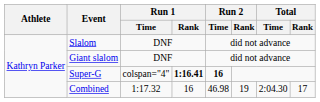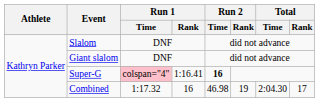 <table class="wikitable" style="font-size:90%">
 <tr>
 <th rowspan=2>Athlete</th>
 <th rowspan=2>Event</th>
 <th colspan=2>Run 1</th>
 <th colspan=2>Run 2</th>
 <th colspan=2>Total</th>
 </tr>
 <tr style="font-size:95%">
 <th>Time</th>
 <th>Rank</th>
 <th>Time</th>
 <th>Rank</th>
 <th>Time</th>
 <th>Rank</th>
 </tr>
 <tr align=center>
 <td align="left" rowspan="4"><a href='#'>Kathryn Parker</a></td>
 <td align="left"><a href='#'>Slalom</a></td>
 <td colspan=2>DNF</td>
 <td colspan=4>did not advance</td>
 </tr>
 <tr align=center>
 <td align="left"><a href='#'>Giant slalom</a></td>
 <td colspan=2>DNF</td>
 <td colspan=4>did not advance</td>
 </tr>
 <tr align=center>
 <td align="left"><a href='#'>Super-G</a></td>
-<td>colspan="4" </td>
-<td><strong>1:16.41</strong></td>
+<td style="background: pink;">colspan="4" </td>
+<td>1:16.41</td>
 <td><strong>16</strong></td>
 </tr>
 <tr align=center>
 <td align="left"><a href='#'>Combined</a></td>
 <td>1:17.32</td>
 <td>16</td>
 <td>46.98</td>
 <td>19</td>
 <td>2:04.30</td>
 <td>17</td>
 </tr>
 </table>
